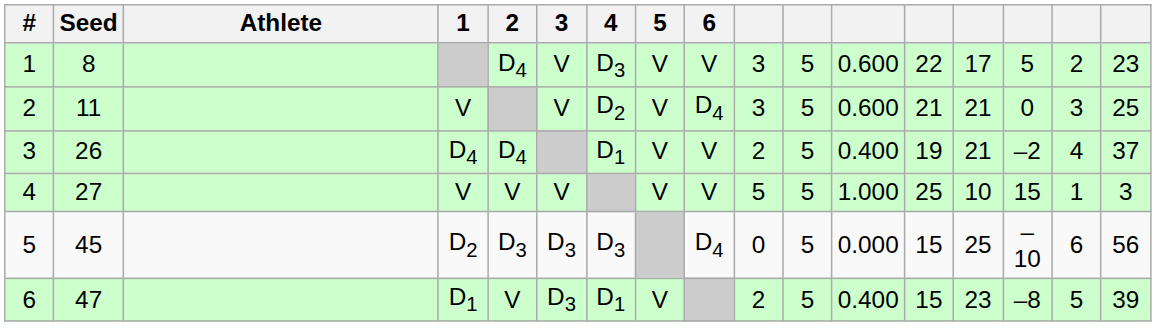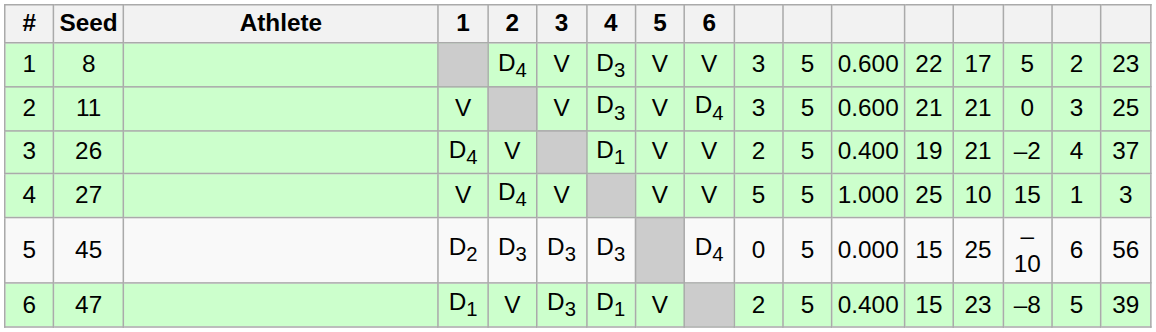 <table class="wikitable" style="text-align:center">
 <tr>
 <th width="25">#</th>
 <th width="25">Seed</th>
 <th width="200">Athlete</th>
 <th width="25">1</th>
 <th width="25">2</th>
 <th width="25">3</th>
 <th width="25">4</th>
 <th width="25">5</th>
 <th width="25">6</th>
 <th width="25"></th>
 <th width="25"></th>
 <th width="40"></th>
 <th width="25"></th>
 <th width="25"></th>
 <th width="25"></th>
 <th width="25"></th>
 <th width="25"></th>
 </tr>
 <tr bgcolor="#ccffcc">
 <td>1</td>
 <td>8</td>
 <td align=left></td>
 <td bgcolor="#cccccc"></td>
 <td>D<sub>4</sub></td>
 <td>V</td>
 <td>D<sub>3</sub></td>
 <td>V</td>
 <td>V</td>
 <td>3</td>
 <td>5</td>
 <td>0.600</td>
 <td>22</td>
 <td>17</td>
 <td>5</td>
 <td>2</td>
 <td>23</td>
 </tr>
 <tr bgcolor="#ccffcc">
 <td>2</td>
 <td>11</td>
 <td align=left></td>
 <td>V</td>
 <td bgcolor="#cccccc"></td>
 <td>V</td>
-<td>D<sub>2</sub></td>
+<td>D<sub>3</sub></td>
 <td>V</td>
 <td>D<sub>4</sub></td>
 <td>3</td>
 <td>5</td>
 <td>0.600</td>
 <td>21</td>
 <td>21</td>
 <td>0</td>
 <td>3</td>
 <td>25</td>
 </tr>
 <tr bgcolor="#ccffcc">
 <td>3</td>
 <td>26</td>
 <td align=left></td>
 <td>D<sub>4</sub></td>
-<td>D<sub>4</sub></td>
+<td>V</td>
 <td bgcolor="#cccccc"></td>
 <td>D<sub>1</sub></td>
 <td>V</td>
 <td>V</td>
 <td>2</td>
 <td>5</td>
 <td>0.400</td>
 <td>19</td>
 <td>21</td>
 <td>–2</td>
 <td>4</td>
 <td>37</td>
 </tr>
 <tr bgcolor="#ccffcc">
 <td>4</td>
 <td>27</td>
 <td align=left></td>
 <td>V</td>
-<td>V</td>
+<td>D<sub>4</sub></td>
 <td>V</td>
 <td bgcolor="#cccccc"></td>
 <td>V</td>
 <td>V</td>
 <td>5</td>
 <td>5</td>
 <td>1.000</td>
 <td>25</td>
 <td>10</td>
 <td>15</td>
 <td>1</td>
 <td>3</td>
 </tr>
 <tr>
 <td>5</td>
 <td>45</td>
 <td align=left></td>
 <td>D<sub>2</sub></td>
 <td>D<sub>3</sub></td>
 <td>D<sub>3</sub></td>
 <td>D<sub>3</sub></td>
 <td bgcolor="#cccccc"></td>
 <td>D<sub>4</sub></td>
 <td>0</td>
 <td>5</td>
 <td>0.000</td>
 <td>15</td>
 <td>25</td>
 <td>–10</td>
 <td>6</td>
 <td>56</td>
 </tr>
 <tr bgcolor="#ccffcc">
 <td>6</td>
 <td>47</td>
 <td align=left></td>
 <td>D<sub>1</sub></td>
 <td>V</td>
 <td>D<sub>3</sub></td>
 <td>D<sub>1</sub></td>
 <td>V</td>
 <td bgcolor="#cccccc"></td>
 <td>2</td>
 <td>5</td>
 <td>0.400</td>
 <td>15</td>
 <td>23</td>
 <td>–8</td>
 <td>5</td>
 <td>39</td>
 </tr>
 </table>
